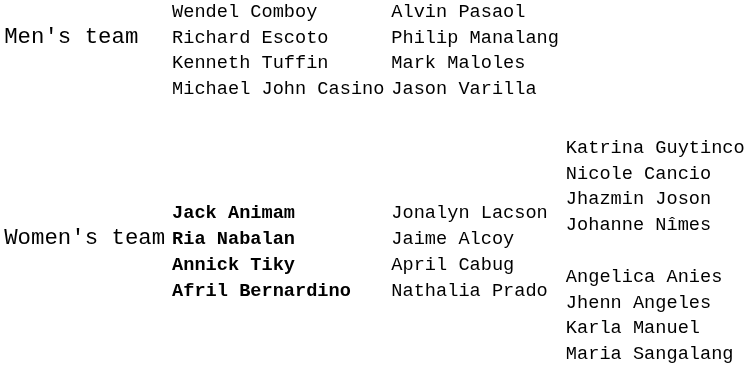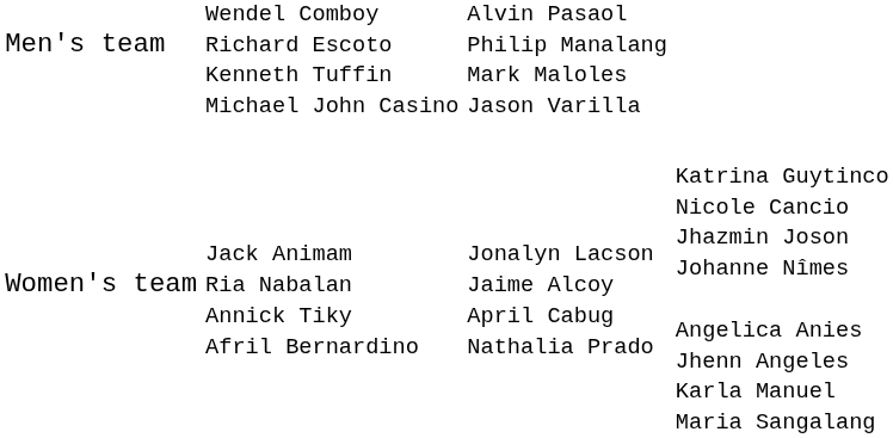 <table>
 <tr>
 <td>Men's team<br></td>
 <td><small><br>Wendel Comboy<br>Richard Escoto<br>Kenneth Tuffin<br>Michael John Casino</small></td>
 <td><small><br>Alvin Pasaol<br>Philip Manalang<br>Mark Maloles<br>Jason Varilla</small></td>
 <td><br></td>
 </tr>
 <tr>
 <td>Women's team<br></td>
-<td><strong><small><br>Jack Animam<br>Ria Nabalan<br>Annick Tiky<br>Afril Bernardino</small></strong></td>
+<td><small><br>Jack Animam<br>Ria Nabalan<br>Annick Tiky<br>Afril Bernardino</small></td>
 <td><small><br>Jonalyn Lacson<br>Jaime Alcoy<br>April Cabug<br>Nathalia Prado</small></td>
 <td><small><br>Katrina Guytinco<br>Nicole Cancio <br>Jhazmin Joson<br>Johanne Nîmes</small><br><small><br>Angelica Anies<br>Jhenn Angeles<br>Karla Manuel<br>Maria Sangalang</small></td>
 </tr>
 </table>
